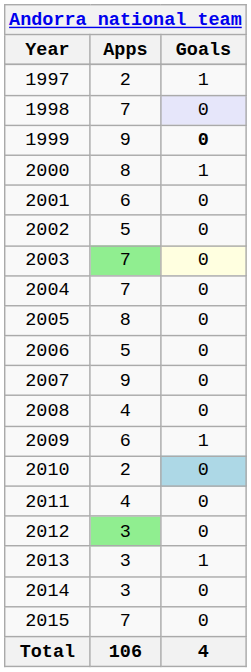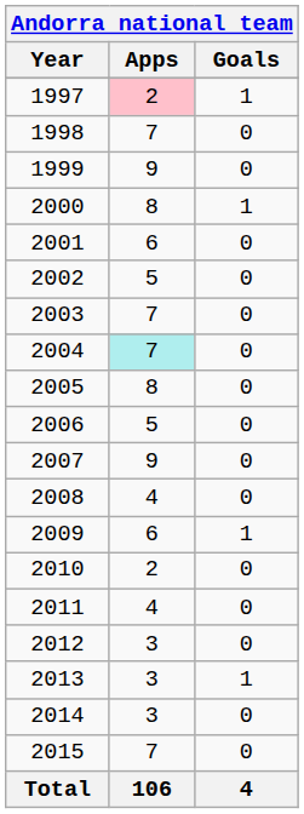 <table class="wikitable" style="text-align:center">
 <tr>
 <th colspan=3><a href='#'>Andorra national team</a></th>
 </tr>
 <tr>
 <th>Year</th>
 <th>Apps</th>
 <th>Goals</th>
 </tr>
 <tr>
 </tr>
 <tr>
 <td>1997</td>
-<td>2</td>
+<td style="background: pink;">2</td>
 <td>1</td>
 </tr>
 <tr>
 <td>1998</td>
 <td>7</td>
-<td style="background: lavender;">0</td>
+<td>0</td>
 </tr>
 <tr>
 <td>1999</td>
 <td>9</td>
-<td><strong>0</strong></td>
+<td>0</td>
 </tr>
 <tr>
 <td>2000</td>
 <td>8</td>
 <td>1</td>
 </tr>
 <tr>
 <td>2001</td>
 <td>6</td>
 <td>0</td>
 </tr>
 <tr>
 <td>2002</td>
 <td>5</td>
 <td>0</td>
 </tr>
 <tr>
 <td>2003</td>
-<td style="background: lightgreen;">7</td>
-<td style="background: lightyellow;">0</td>
+<td>7</td>
+<td>0</td>
 </tr>
 <tr>
 <td>2004</td>
-<td>7</td>
+<td style="background: paleturquoise;">7</td>
 <td>0</td>
 </tr>
 <tr>
 <td>2005</td>
 <td>8</td>
 <td>0</td>
 </tr>
 <tr>
 <td>2006</td>
 <td>5</td>
 <td>0</td>
 </tr>
 <tr>
 <td>2007</td>
 <td>9</td>
 <td>0</td>
 </tr>
 <tr>
 <td>2008</td>
 <td>4</td>
 <td>0</td>
 </tr>
 <tr>
 <td>2009</td>
 <td>6</td>
 <td>1</td>
 </tr>
 <tr>
 <td>2010</td>
 <td>2</td>
-<td style="background: lightblue;">0</td>
+<td>0</td>
 </tr>
 <tr>
 <td>2011</td>
 <td>4</td>
 <td>0</td>
 </tr>
 <tr>
 <td>2012</td>
-<td style="background: lightgreen;">3</td>
+<td>3</td>
 <td>0</td>
 </tr>
 <tr>
 <td>2013</td>
 <td>3</td>
 <td>1</td>
 </tr>
 <tr>
 <td>2014</td>
 <td>3</td>
 <td>0</td>
 </tr>
 <tr>
 <td>2015</td>
 <td>7</td>
 <td>0</td>
 </tr>
 <tr>
 <th>Total</th>
 <th>106</th>
 <th>4</th>
 </tr>
 </table>
